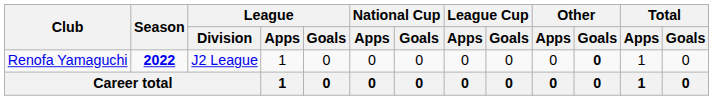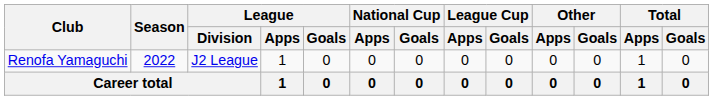 <table class="wikitable" style="text-align: center">
 <tr>
 <th rowspan="2">Club</th>
 <th rowspan="2">Season</th>
 <th colspan="3">League</th>
 <th colspan="2">National Cup</th>
 <th colspan="2">League Cup</th>
 <th colspan="2">Other</th>
 <th colspan="2">Total</th>
 </tr>
 <tr>
 <th>Division</th>
 <th>Apps</th>
 <th>Goals</th>
 <th>Apps</th>
 <th>Goals</th>
 <th>Apps</th>
 <th>Goals</th>
 <th>Apps</th>
 <th>Goals</th>
 <th>Apps</th>
 <th>Goals</th>
 </tr>
 <tr>
 <td><a href='#'>Renofa Yamaguchi</a></td>
-<td><strong><a href='#'>2022</a></strong></td>
+<td><a href='#'>2022</a></td>
 <td><a href='#'>J2 League</a></td>
 <td>1</td>
 <td>0</td>
 <td>0</td>
 <td>0</td>
 <td>0</td>
 <td>0</td>
 <td>0</td>
-<td><strong>0</strong></td>
+<td>0</td>
 <td>1</td>
 <td>0</td>
 </tr>
 <tr>
 <th colspan=3>Career total</th>
 <th>1</th>
 <th>0</th>
 <th>0</th>
 <th>0</th>
 <th>0</th>
 <th>0</th>
 <th>0</th>
 <th>0</th>
 <th>1</th>
 <th>0</th>
 </tr>
 </table>
